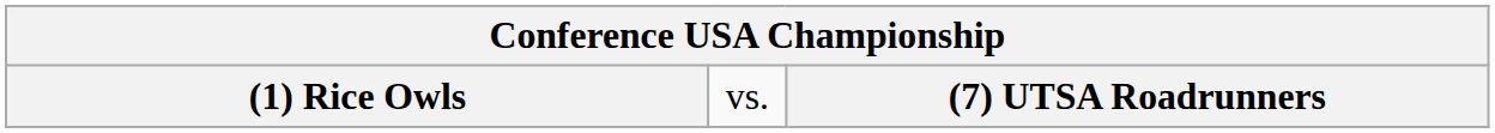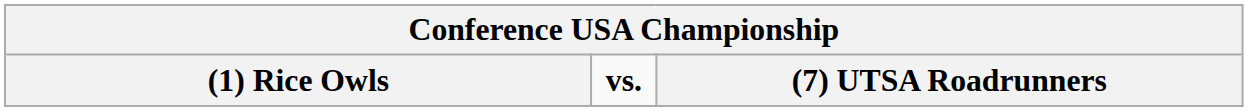 <table class="wikitable">
 <tr>
 <th style="width: 604px;" colspan=3>Conference USA Championship</th>
 </tr>
 <tr>
 <th style="width: 289px; ">(1) Rice Owls</th>
-<td style="width: 25px; text-align:center">vs.</td>
+<td style="width: 25px; text-align:center"><strong>vs.</strong></td>
 <th style="width: 289px; ">(7) UTSA Roadrunners</th>
 </tr>
 </table>
